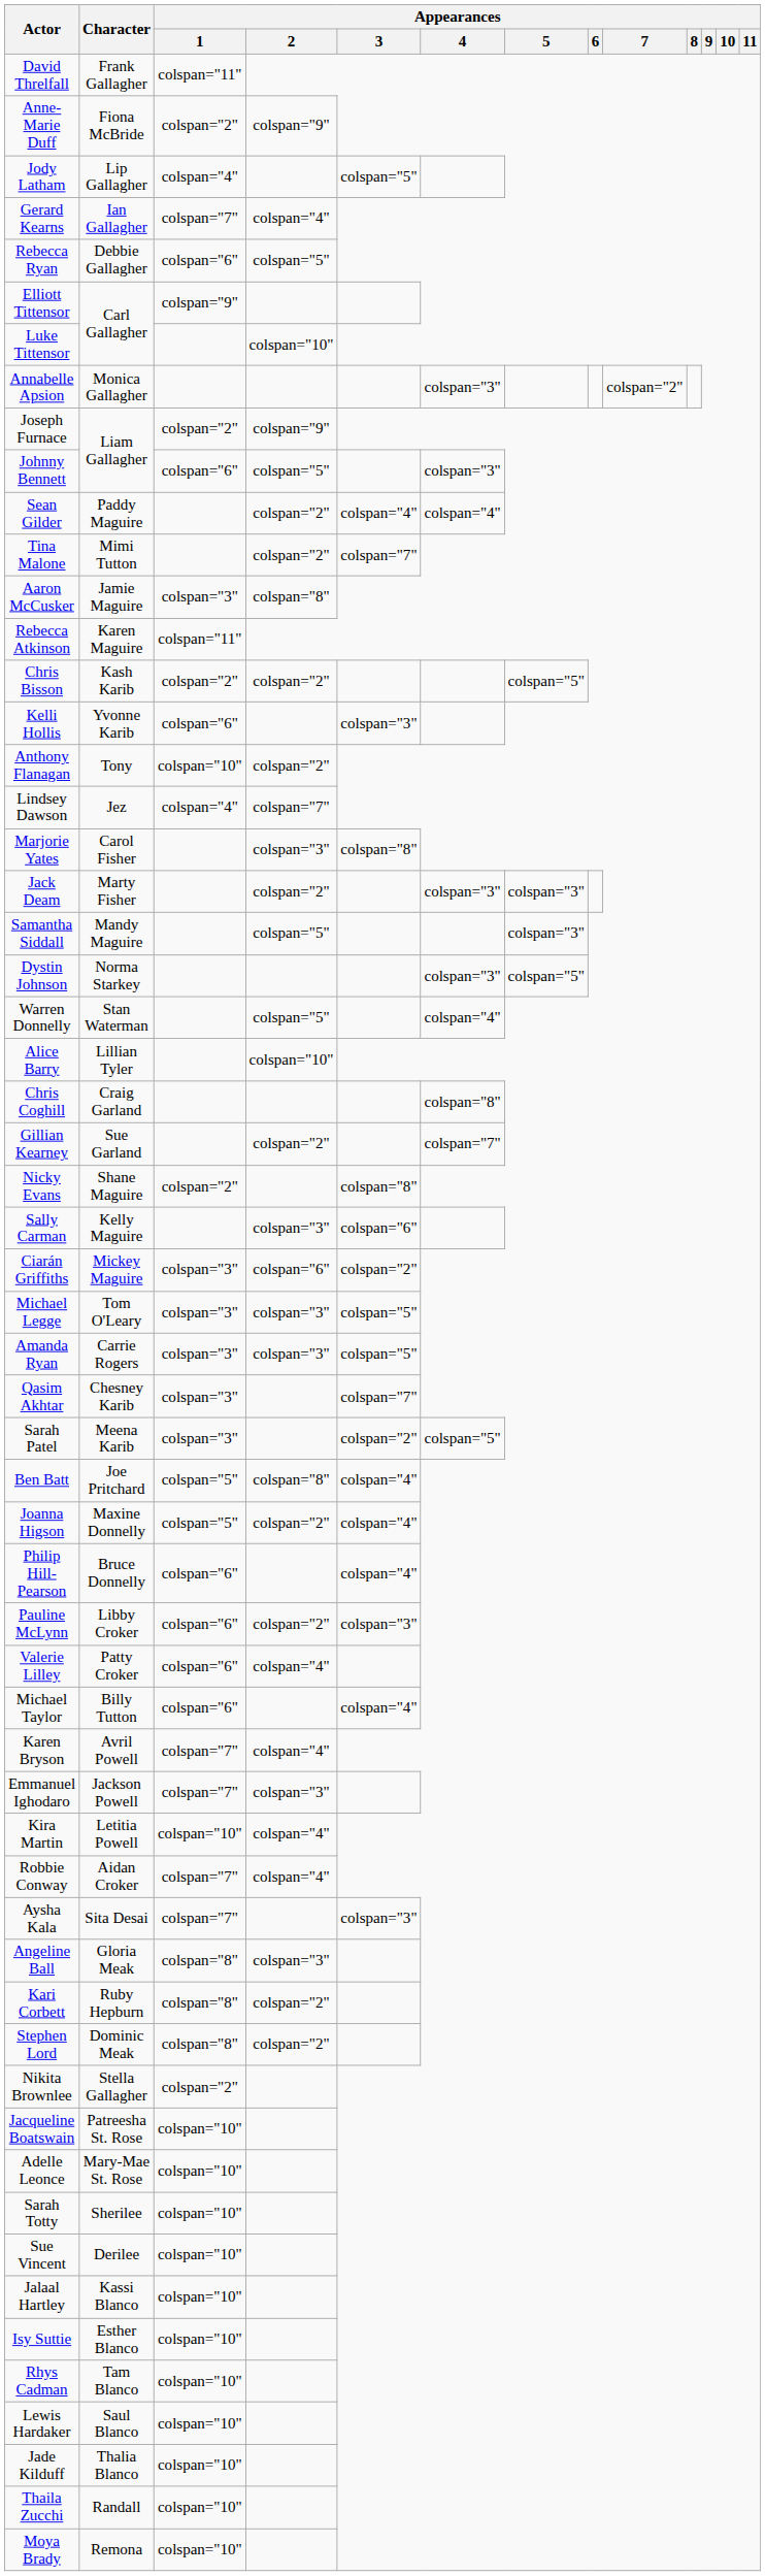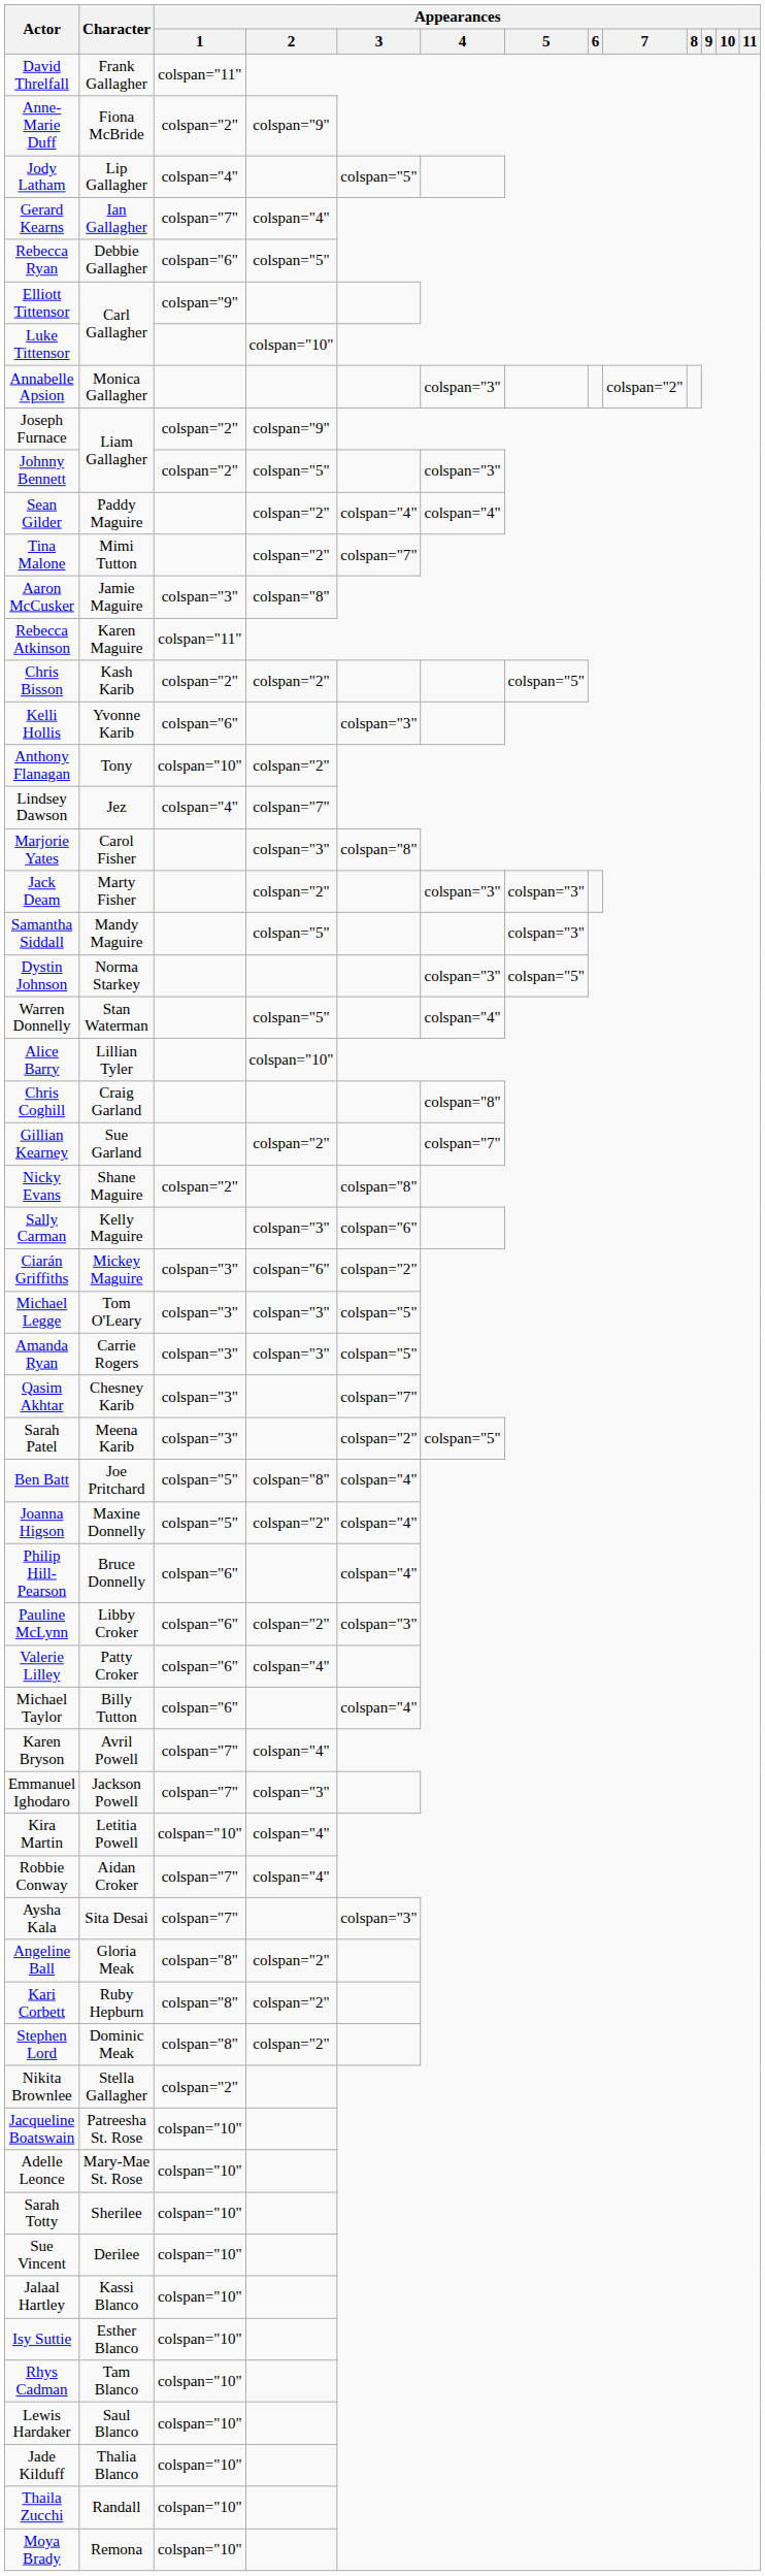 <table class="wikitable" style="text-align:center; width:99%">
 <tr>
 <th rowspan="2" style="width:17%;">Actor</th>
 <th rowspan="2" style="width:17%;">Character</th>
 <th colspan="11">Appearances</th>
 </tr>
 <tr>
 <th style="width:6%">1</th>
 <th style="width:6%">2</th>
 <th style="width:6%">3</th>
 <th style="width:6%">4</th>
 <th style="width:6%">5</th>
 <th style="width:6%">6</th>
 <th style="width:6%">7</th>
 <th style="width:6%">8</th>
 <th style="width:6%">9</th>
 <th style="width:6%">10</th>
 <th style="width:6%">11</th>
 </tr>
 <tr>
 <td><a href='#'>David Threlfall</a></td>
 <td>Frank Gallagher</td>
 <td>colspan="11" </td>
 </tr>
 <tr>
 <td><a href='#'>Anne-Marie Duff</a></td>
 <td>Fiona McBride</td>
 <td>colspan="2" </td>
 <td>colspan="9" </td>
 </tr>
 <tr>
 <td><a href='#'>Jody Latham</a></td>
 <td>Lip Gallagher</td>
 <td>colspan="4" </td>
 <td></td>
 <td>colspan="5" </td>
 <td></td>
 </tr>
 <tr>
 <td><a href='#'>Gerard Kearns</a></td>
 <td><a href='#'>Ian Gallagher</a></td>
 <td>colspan="7" </td>
 <td>colspan="4" </td>
 </tr>
 <tr>
 <td><a href='#'>Rebecca Ryan</a></td>
 <td>Debbie Gallagher</td>
 <td>colspan="6" </td>
 <td>colspan="5" </td>
 </tr>
 <tr>
 <td><a href='#'>Elliott Tittensor</a></td>
 <td rowspan="2">Carl Gallagher</td>
 <td>colspan="9" </td>
 <td></td>
 <td></td>
 </tr>
 <tr>
 <td><a href='#'>Luke Tittensor</a></td>
 <td></td>
 <td>colspan="10" </td>
 </tr>
 <tr>
 <td><a href='#'>Annabelle Apsion</a></td>
 <td>Monica Gallagher</td>
 <td></td>
 <td></td>
 <td></td>
 <td>colspan="3" </td>
 <td></td>
 <td></td>
 <td>colspan="2" </td>
 <td></td>
 </tr>
 <tr>
 <td>Joseph Furnace</td>
 <td rowspan="2">Liam Gallagher</td>
 <td>colspan="2" </td>
 <td>colspan="9" </td>
 </tr>
 <tr>
 <td><a href='#'>Johnny Bennett</a></td>
-<td>colspan="6" </td>
+<td>colspan="2" </td>
 <td>colspan="5" </td>
 <td></td>
 <td>colspan="3" </td>
 </tr>
 <tr>
 <td><a href='#'>Sean Gilder</a></td>
 <td>Paddy Maguire</td>
 <td></td>
 <td>colspan="2" </td>
 <td>colspan="4" </td>
 <td>colspan="4" </td>
 </tr>
 <tr>
 <td><a href='#'>Tina Malone</a></td>
 <td>Mimi Tutton</td>
 <td></td>
 <td>colspan="2" </td>
 <td>colspan="7" </td>
 </tr>
 <tr>
 <td><a href='#'>Aaron McCusker</a></td>
 <td>Jamie Maguire</td>
 <td>colspan="3" </td>
 <td>colspan="8" </td>
 </tr>
 <tr>
 <td><a href='#'>Rebecca Atkinson</a></td>
 <td>Karen Maguire</td>
 <td>colspan="11" </td>
 </tr>
 <tr>
 <td><a href='#'>Chris Bisson</a></td>
 <td>Kash Karib</td>
 <td>colspan="2" </td>
 <td>colspan="2" </td>
 <td></td>
 <td></td>
 <td>colspan="5" </td>
 </tr>
 <tr>
 <td><a href='#'>Kelli Hollis</a></td>
 <td>Yvonne Karib</td>
 <td>colspan="6" </td>
 <td></td>
 <td>colspan="3" </td>
 <td></td>
 </tr>
 <tr>
 <td><a href='#'>Anthony Flanagan</a></td>
 <td>Tony</td>
 <td>colspan="10" </td>
 <td>colspan="2" </td>
 </tr>
 <tr>
 <td>Lindsey Dawson</td>
 <td>Jez</td>
 <td>colspan="4" </td>
 <td>colspan="7" </td>
 </tr>
 <tr>
 <td><a href='#'>Marjorie Yates</a></td>
 <td>Carol Fisher</td>
 <td></td>
 <td>colspan="3" </td>
 <td>colspan="8" </td>
 </tr>
 <tr>
 <td><a href='#'>Jack Deam</a></td>
 <td>Marty Fisher</td>
 <td></td>
 <td>colspan="2" </td>
 <td></td>
 <td>colspan="3" </td>
 <td>colspan="3" </td>
 <td></td>
 </tr>
 <tr>
 <td><a href='#'>Samantha Siddall</a></td>
 <td>Mandy Maguire</td>
 <td></td>
 <td>colspan="5" </td>
 <td></td>
 <td></td>
 <td>colspan="3" </td>
 </tr>
 <tr>
 <td><a href='#'>Dystin Johnson</a></td>
 <td>Norma Starkey</td>
 <td></td>
 <td></td>
 <td></td>
 <td>colspan="3" </td>
 <td>colspan="5" </td>
 </tr>
 <tr>
 <td>Warren Donnelly</td>
 <td>Stan Waterman</td>
 <td></td>
 <td>colspan="5" </td>
 <td></td>
 <td>colspan="4" </td>
 </tr>
 <tr>
 <td><a href='#'>Alice Barry</a></td>
 <td>Lillian Tyler</td>
 <td></td>
 <td>colspan="10" </td>
 </tr>
 <tr>
 <td><a href='#'>Chris Coghill</a></td>
 <td>Craig Garland</td>
 <td></td>
 <td></td>
 <td></td>
 <td>colspan="8" </td>
 </tr>
 <tr>
 <td><a href='#'>Gillian Kearney</a></td>
 <td>Sue Garland</td>
 <td></td>
 <td>colspan="2" </td>
 <td></td>
 <td>colspan="7" </td>
 </tr>
 <tr>
 <td><a href='#'>Nicky Evans</a></td>
 <td>Shane Maguire</td>
 <td>colspan="2" </td>
 <td></td>
 <td>colspan="8" </td>
 </tr>
 <tr>
 <td><a href='#'>Sally Carman</a></td>
 <td>Kelly Maguire</td>
 <td></td>
 <td>colspan="3" </td>
 <td>colspan="6" </td>
 <td></td>
 </tr>
 <tr>
 <td><a href='#'>Ciarán Griffiths</a></td>
 <td><a href='#'>Mickey Maguire</a></td>
 <td>colspan="3" </td>
 <td>colspan="6" </td>
 <td>colspan="2" </td>
 </tr>
 <tr>
 <td><a href='#'>Michael Legge</a></td>
 <td>Tom O'Leary</td>
 <td>colspan="3" </td>
 <td>colspan="3" </td>
 <td>colspan="5" </td>
 </tr>
 <tr>
 <td><a href='#'>Amanda Ryan</a></td>
 <td>Carrie Rogers</td>
 <td>colspan="3" </td>
 <td>colspan="3" </td>
 <td>colspan="5" </td>
 </tr>
 <tr>
 <td><a href='#'>Qasim Akhtar</a></td>
 <td>Chesney Karib</td>
 <td>colspan="3" </td>
 <td></td>
 <td>colspan="7" </td>
 </tr>
 <tr>
 <td>Sarah Patel</td>
 <td>Meena Karib</td>
 <td>colspan="3" </td>
 <td></td>
 <td>colspan="2" </td>
 <td>colspan="5" </td>
 </tr>
 <tr>
 <td><a href='#'>Ben Batt</a></td>
 <td>Joe Pritchard</td>
 <td>colspan="5" </td>
 <td>colspan="8" </td>
 <td>colspan="4" </td>
 </tr>
 <tr>
 <td><a href='#'>Joanna Higson</a></td>
 <td>Maxine Donnelly</td>
 <td>colspan="5" </td>
 <td>colspan="2" </td>
 <td>colspan="4" </td>
 </tr>
 <tr>
 <td><a href='#'>Philip Hill-Pearson</a></td>
 <td>Bruce Donnelly</td>
 <td>colspan="6" </td>
 <td></td>
 <td>colspan="4" </td>
 </tr>
 <tr>
 <td><a href='#'>Pauline McLynn</a></td>
 <td>Libby Croker</td>
 <td>colspan="6" </td>
 <td>colspan="2" </td>
 <td>colspan="3" </td>
 </tr>
 <tr>
 <td><a href='#'>Valerie Lilley</a></td>
 <td>Patty Croker</td>
 <td>colspan="6" </td>
 <td>colspan="4" </td>
 <td></td>
 </tr>
 <tr>
 <td>Michael Taylor</td>
 <td>Billy Tutton</td>
 <td>colspan="6" </td>
 <td></td>
 <td>colspan="4" </td>
 </tr>
 <tr>
 <td>Karen Bryson</td>
 <td>Avril Powell</td>
 <td>colspan="7" </td>
 <td>colspan="4" </td>
 </tr>
 <tr>
 <td>Emmanuel Ighodaro</td>
 <td>Jackson Powell</td>
 <td>colspan="7" </td>
 <td>colspan="3" </td>
 <td></td>
 </tr>
 <tr>
 <td>Kira Martin</td>
 <td>Letitia Powell</td>
 <td>colspan="10" </td>
 <td>colspan="4" </td>
 </tr>
 <tr>
 <td>Robbie Conway</td>
 <td>Aidan Croker</td>
 <td>colspan="7" </td>
 <td>colspan="4" </td>
 </tr>
 <tr>
 <td>Aysha Kala</td>
 <td>Sita Desai</td>
 <td>colspan="7" </td>
 <td></td>
 <td>colspan="3" </td>
 </tr>
 <tr>
 <td><a href='#'>Angeline Ball</a></td>
 <td>Gloria Meak</td>
 <td>colspan="8" </td>
-<td>colspan="3" </td>
+<td>colspan="2" </td>
 <td></td>
 </tr>
 <tr>
 <td><a href='#'>Kari Corbett</a></td>
 <td>Ruby Hepburn</td>
 <td>colspan="8" </td>
 <td>colspan="2" </td>
 <td></td>
 </tr>
 <tr>
 <td><a href='#'>Stephen Lord</a></td>
 <td>Dominic Meak</td>
 <td>colspan="8" </td>
 <td>colspan="2" </td>
 <td></td>
 </tr>
 <tr>
 <td>Nikita Brownlee</td>
 <td>Stella Gallagher</td>
 <td>colspan="2" </td>
 <td></td>
 </tr>
 <tr>
 <td><a href='#'>Jacqueline Boatswain</a></td>
 <td>Patreesha St. Rose</td>
 <td>colspan="10" </td>
 <td></td>
 </tr>
 <tr>
 <td>Adelle Leonce</td>
 <td>Mary-Mae St. Rose</td>
 <td>colspan="10" </td>
 <td></td>
 </tr>
 <tr>
 <td>Sarah Totty</td>
 <td>Sherilee</td>
 <td>colspan="10" </td>
 <td></td>
 </tr>
 <tr>
 <td>Sue Vincent</td>
 <td>Derilee</td>
 <td>colspan="10" </td>
 <td></td>
 </tr>
 <tr>
 <td>Jalaal Hartley</td>
 <td>Kassi Blanco</td>
 <td>colspan="10" </td>
 <td></td>
 </tr>
 <tr>
 <td><a href='#'>Isy Suttie</a></td>
 <td>Esther Blanco</td>
 <td>colspan="10" </td>
 <td></td>
 </tr>
 <tr>
 <td><a href='#'>Rhys Cadman</a></td>
 <td>Tam Blanco</td>
 <td>colspan="10" </td>
 <td></td>
 </tr>
 <tr>
 <td>Lewis Hardaker</td>
 <td>Saul Blanco</td>
 <td>colspan="10" </td>
 <td></td>
 </tr>
 <tr>
 <td>Jade Kilduff</td>
 <td>Thalia Blanco</td>
 <td>colspan="10" </td>
 <td></td>
 </tr>
 <tr>
 <td><a href='#'>Thaila Zucchi</a></td>
 <td>Randall</td>
 <td>colspan="10" </td>
 <td></td>
 </tr>
 <tr>
 <td><a href='#'>Moya Brady</a></td>
 <td>Remona</td>
 <td>colspan="10" </td>
 <td></td>
 </tr>
 </table>
